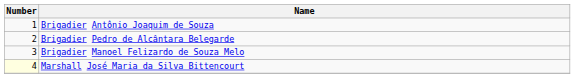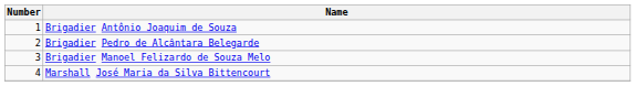 <table class="wikitable">
 <tr>
 <th width="5%">Number</th>
 <th>Name</th>
 </tr>
 <tr>
 <td align=right>1</td>
 <td rowspan=1><a href='#'>Brigadier</a> <a href='#'>Antônio Joaquim de Souza</a></td>
 </tr>
 <tr>
 <td align=right>2</td>
 <td><a href='#'>Brigadier</a> <a href='#'>Pedro de Alcântara Belegarde</a></td>
 </tr>
 <tr>
 <td align=right>3</td>
 <td><a href='#'>Brigadier</a> <a href='#'>Manoel Felizardo de Souza Melo</a></td>
 </tr>
 <tr>
-<td align=right style="background: lightyellow;">4</td>
+<td align=right>4</td>
 <td><a href='#'>Marshall</a> <a href='#'>José Maria da Silva Bittencourt</a></td>
 </tr>
 <tr>
 </tr>
 </table>
